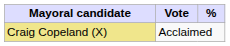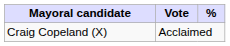 <table class="wikitable">
 <tr>
 <th style="background:#ddf; width:200px;">Mayoral candidate</th>
 <th style="background:#ddf; width:50px;">Vote</th>
 <th style="background:#ddf; width:30px;">%</th>
 </tr>
 <tr>
-<td style="background: khaki;">Craig Copeland (X)</td>
+<td>Craig Copeland (X)</td>
 <td colspan="2">Acclaimed</td>
 </tr>
 </table>
